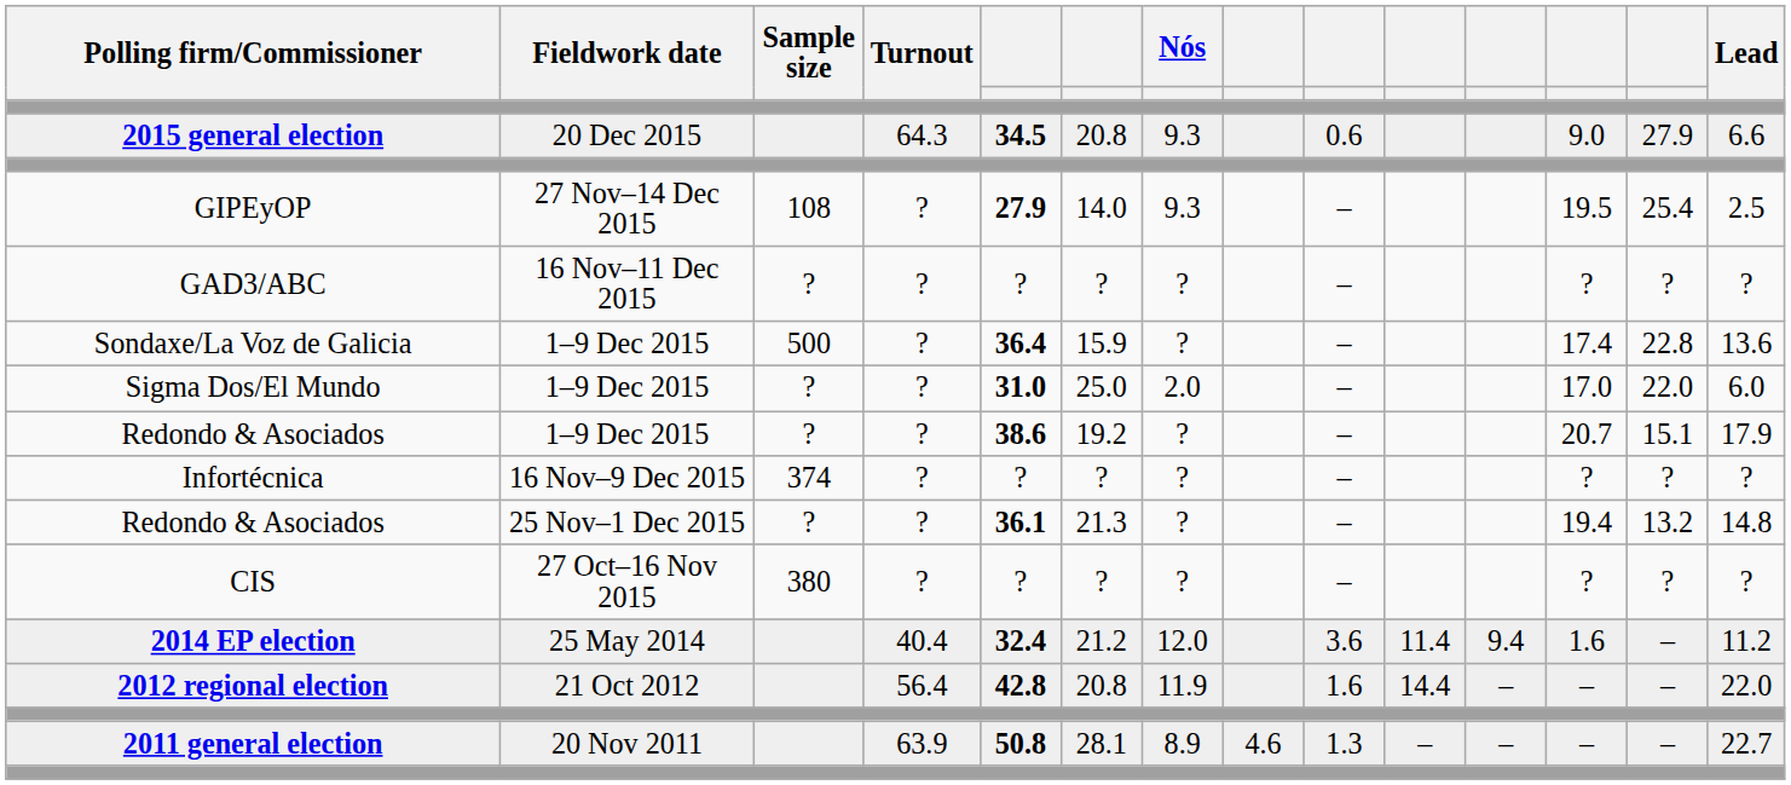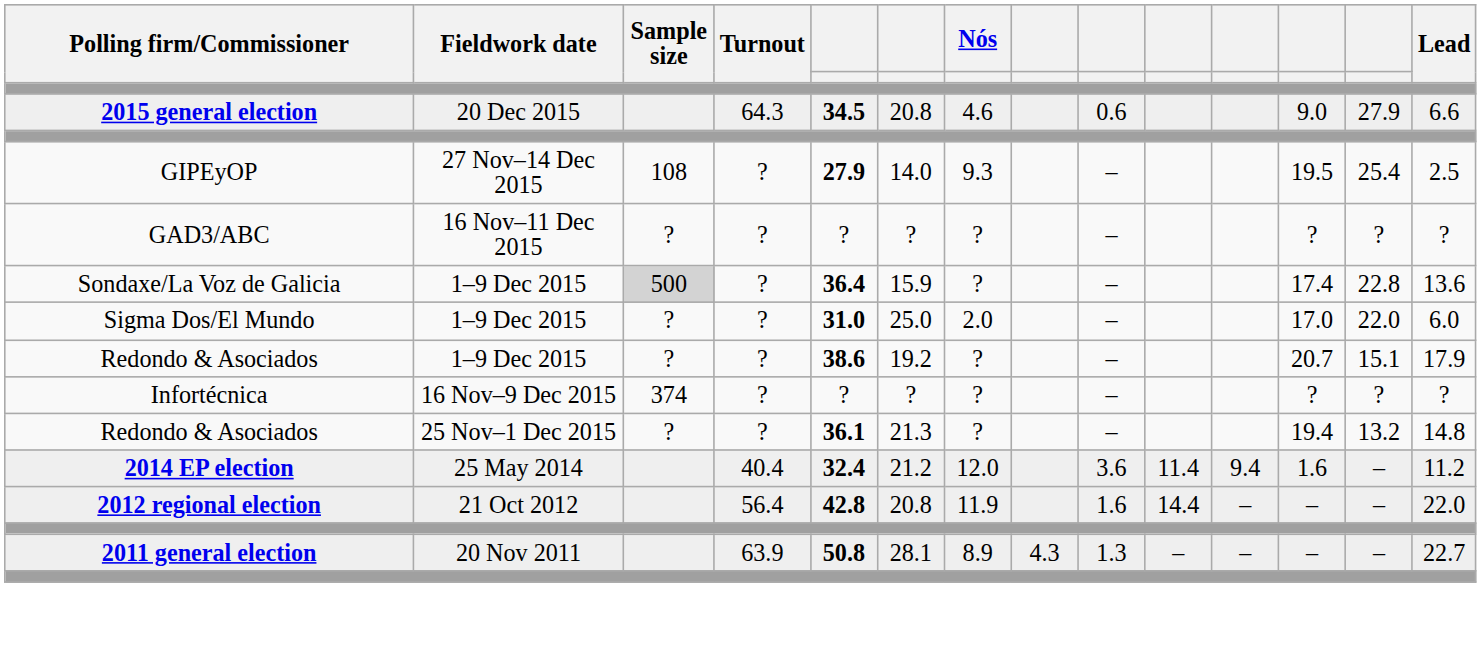 <table class="wikitable collapsible collapsed" style="text-align:center; font-size:95%; line-height:16px;">
 <tr style="height:42px; background-color:#E9E9E9">
 <th style="width:250px;" rowspan="2">Polling firm/Commissioner</th>
 <th style="width:125px;" rowspan="2">Fieldwork date</th>
 <th style="width:50px;" rowspan="2">Sample size</th>
 <th style="width:45px;" rowspan="2">Turnout</th>
 <th style="width:35px;"></th>
 <th style="width:35px;"></th>
 <th style="width:35px;"><a href='#'>Nós</a></th>
 <th style="width:35px;"></th>
 <th style="width:35px;"></th>
 <th style="width:35px;"></th>
 <th style="width:35px;"></th>
 <th style="width:35px;"></th>
 <th style="width:35px;"></th>
 <th style="width:30px;" rowspan="2">Lead</th>
 </tr>
 <tr>
 <th style="color:inherit;background:"></th>
 <th style="color:inherit;background:"></th>
 <th style="color:inherit;background:"></th>
 <th style="color:inherit;background:"></th>
 <th style="color:inherit;background:"></th>
 <th style="color:inherit;background:"></th>
 <th style="color:inherit;background:"></th>
 <th style="color:inherit;background:"></th>
 <th style="color:inherit;background:"></th>
 </tr>
 <tr>
 <td colspan="14" style="background:#A0A0A0"></td>
 </tr>
 <tr style="background:#EFEFEF;">
 <td><strong><a href='#'>2015 general election</a></strong></td>
 <td>20 Dec 2015</td>
 <td></td>
 <td>64.3</td>
 <td><strong>34.5</strong><br></td>
 <td>20.8<br></td>
-<td>9.3<br></td>
+<td>4.6<br></td>
 <td></td>
 <td>0.6<br></td>
 <td></td>
 <td></td>
 <td>9.0<br></td>
 <td>27.9<br></td>
 <td style="background:">6.6</td>
 </tr>
 <tr>
 <td colspan="14" style="background:#A0A0A0"></td>
 </tr>
 <tr>
 <td>GIPEyOP</td>
 <td>27 Nov–14 Dec 2015</td>
 <td>108</td>
 <td>?</td>
 <td><strong>27.9</strong><br></td>
 <td>14.0<br></td>
 <td>9.3<br></td>
 <td></td>
 <td>–</td>
 <td></td>
 <td></td>
 <td>19.5<br></td>
 <td>25.4<br></td>
 <td style="background:">2.5</td>
 </tr>
 <tr>
 <td>GAD3/ABC</td>
 <td>16 Nov–11 Dec 2015</td>
 <td>?</td>
 <td>?</td>
 <td>?<br></td>
 <td>?<br></td>
 <td>?<br></td>
 <td></td>
 <td>–</td>
 <td></td>
 <td></td>
 <td>?<br></td>
 <td>?<br></td>
 <td style="background:">?</td>
 </tr>
 <tr>
 <td>Sondaxe/La Voz de Galicia</td>
 <td>1–9 Dec 2015</td>
-<td>500</td>
+<td style="background: lightgrey;">500</td>
 <td>?</td>
 <td><strong>36.4</strong><br></td>
 <td>15.9<br></td>
 <td>?<br></td>
 <td></td>
 <td>–</td>
 <td></td>
 <td></td>
 <td>17.4<br></td>
 <td>22.8<br></td>
 <td style="background:">13.6</td>
 </tr>
 <tr>
 <td>Sigma Dos/El Mundo</td>
 <td>1–9 Dec 2015</td>
 <td>?</td>
 <td>?</td>
 <td><strong>31.0</strong><br></td>
 <td>25.0<br></td>
 <td>2.0<br></td>
 <td></td>
 <td>–</td>
 <td></td>
 <td></td>
 <td>17.0<br></td>
 <td>22.0<br></td>
 <td style="background:">6.0</td>
 </tr>
 <tr>
 <td>Redondo & Asociados</td>
 <td>1–9 Dec 2015</td>
 <td>?</td>
 <td>?</td>
 <td><strong>38.6</strong><br></td>
 <td>19.2<br></td>
 <td>?<br></td>
 <td></td>
 <td>–</td>
 <td></td>
 <td></td>
 <td>20.7<br></td>
 <td>15.1<br></td>
 <td style="background:">17.9</td>
 </tr>
 <tr>
 <td>Infortécnica</td>
 <td>16 Nov–9 Dec 2015</td>
 <td>374</td>
 <td>?</td>
 <td>?<br></td>
 <td>?<br></td>
 <td>?<br></td>
 <td></td>
 <td>–</td>
 <td></td>
 <td></td>
 <td>?<br></td>
 <td>?<br></td>
 <td style="background:">?</td>
 </tr>
 <tr>
 <td>Redondo & Asociados</td>
 <td>25 Nov–1 Dec 2015</td>
 <td>?</td>
 <td>?</td>
 <td><strong>36.1</strong><br></td>
 <td>21.3<br></td>
 <td>?<br></td>
 <td></td>
 <td>–</td>
 <td></td>
 <td></td>
 <td>19.4<br></td>
 <td>13.2<br></td>
 <td style="background:">14.8</td>
 </tr>
-<tr>
-<td>CIS</td>
-<td>27 Oct–16 Nov 2015</td>
-<td>380</td>
-<td>?</td>
-<td>?<br></td>
-<td>?<br></td>
-<td>?<br></td>
-<td></td>
-<td>–</td>
-<td></td>
-<td></td>
-<td>?<br></td>
-<td>?<br></td>
-<td style="background:">?</td>
-</tr>
 <tr style="background:#EFEFEF;">
 <td><strong><a href='#'>2014 EP election</a></strong></td>
 <td>25 May 2014</td>
 <td></td>
 <td>40.4</td>
 <td><strong>32.4</strong><br></td>
 <td>21.2<br></td>
 <td>12.0<br></td>
 <td></td>
 <td>3.6<br></td>
 <td>11.4<br></td>
 <td>9.4<br></td>
 <td>1.6<br></td>
 <td>–</td>
 <td style="background:">11.2</td>
 </tr>
 <tr style="background:#EFEFEF;">
 <td><strong><a href='#'>2012 regional election</a></strong></td>
 <td>21 Oct 2012</td>
 <td></td>
 <td>56.4</td>
 <td><strong>42.8</strong><br></td>
 <td>20.8<br></td>
 <td>11.9<br></td>
 <td></td>
 <td>1.6<br></td>
 <td>14.4<br></td>
 <td>–</td>
 <td>–</td>
 <td>–</td>
 <td style="background:">22.0</td>
 </tr>
 <tr>
 <td colspan="14" style="background:#A0A0A0"></td>
 </tr>
 <tr style="background:#EFEFEF;">
 <td><strong><a href='#'>2011 general election</a></strong></td>
 <td>20 Nov 2011</td>
 <td></td>
 <td>63.9</td>
 <td><strong>50.8</strong><br></td>
 <td>28.1<br></td>
 <td>8.9<br></td>
-<td>4.6<br></td>
+<td>4.3<br></td>
 <td>1.3<br></td>
 <td>–</td>
 <td>–</td>
 <td>–</td>
 <td>–</td>
 <td style="background:">22.7</td>
 </tr>
 <tr>
 <td colspan="14" style="background:#A0A0A0"></td>
 </tr>
 </table>
